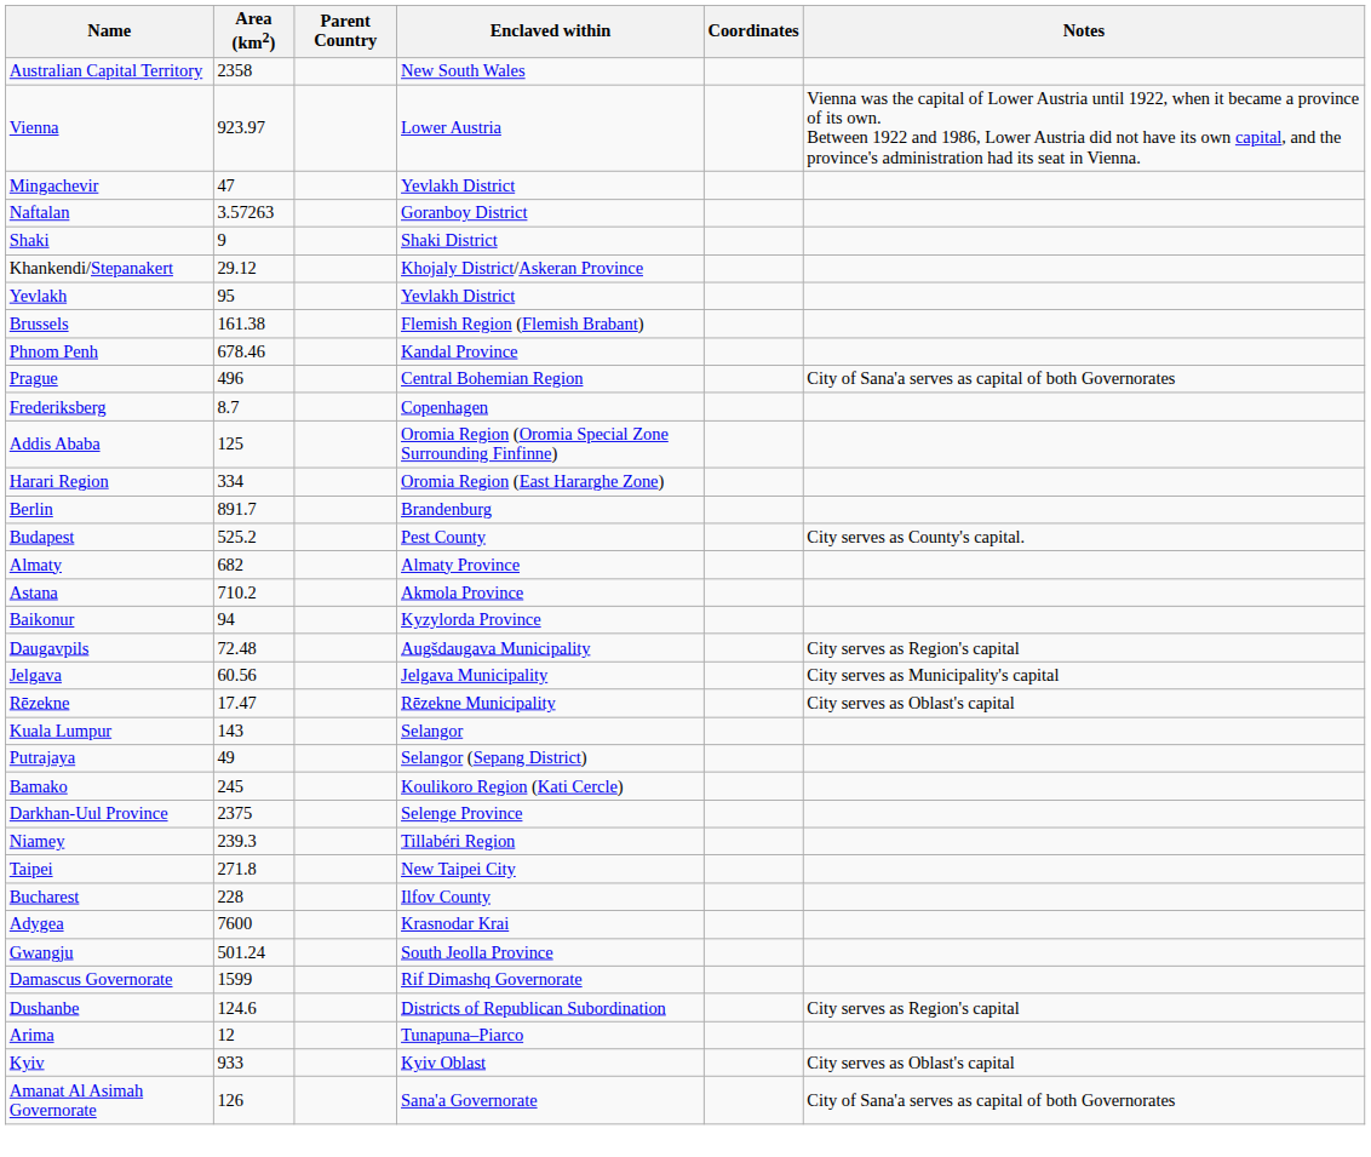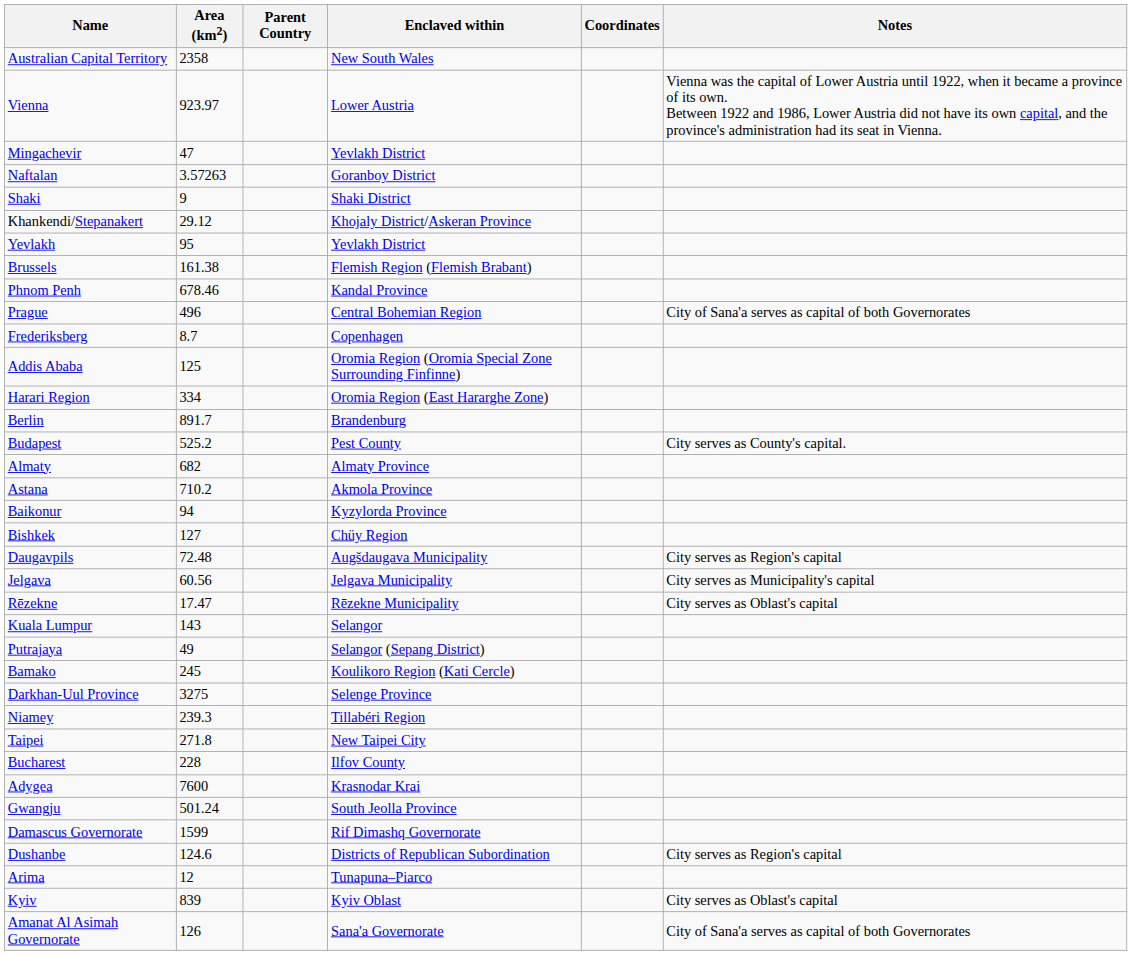 <table class="wikitable sortable" style="text-align:left; border:1px; cellpadding:5; cellspacing:0;">
 <tr>
 <th>Name</th>
 <th>Area (km<sup>2</sup>)</th>
 <th>Parent Country</th>
 <th>Enclaved within</th>
 <th>Coordinates</th>
 <th>Notes</th>
 </tr>
 <tr>
 <td><a href='#'>Australian Capital Territory</a></td>
 <td>2358</td>
 <td></td>
 <td><a href='#'>New South Wales</a></td>
 <td></td>
 <td></td>
 </tr>
 <tr>
 <td><a href='#'>Vienna</a></td>
 <td>923.97</td>
 <td></td>
 <td><a href='#'>Lower Austria</a></td>
 <td></td>
 <td>Vienna was the capital of Lower Austria until 1922, when it became a province of its own.<br>Between 1922 and 1986, Lower Austria did not have its own <a href='#'>capital</a>, and the province's administration had its seat in Vienna.</td>
 </tr>
 <tr>
 <td><a href='#'>Mingachevir</a></td>
 <td>47</td>
 <td></td>
 <td><a href='#'>Yevlakh District</a></td>
 <td></td>
 <td></td>
 </tr>
 <tr>
 <td><a href='#'>Naftalan</a></td>
 <td>3.57263</td>
 <td></td>
 <td><a href='#'>Goranboy District</a></td>
 <td></td>
 <td></td>
 </tr>
 <tr>
 <td><a href='#'>Shaki</a></td>
 <td>9</td>
 <td></td>
 <td><a href='#'>Shaki District</a></td>
 <td></td>
 <td></td>
 </tr>
 <tr>
 <td>Khankendi/<a href='#'>Stepanakert</a></td>
 <td>29.12</td>
 <td></td>
 <td><a href='#'>Khojaly District</a>/<a href='#'>Askeran Province</a></td>
 <td></td>
 <td></td>
 </tr>
 <tr>
 <td><a href='#'>Yevlakh</a></td>
 <td>95</td>
 <td></td>
 <td><a href='#'>Yevlakh District</a></td>
 <td></td>
 <td></td>
 </tr>
 <tr>
 <td><a href='#'>Brussels</a></td>
 <td>161.38</td>
 <td></td>
 <td><a href='#'>Flemish Region</a> (<a href='#'>Flemish Brabant</a>)</td>
 <td></td>
 <td></td>
 </tr>
 <tr>
 <td><a href='#'>Phnom Penh</a></td>
 <td>678.46</td>
 <td></td>
 <td><a href='#'>Kandal Province</a></td>
 <td></td>
 <td></td>
 </tr>
 <tr>
 <td><a href='#'>Prague</a></td>
 <td>496</td>
 <td></td>
 <td><a href='#'>Central Bohemian Region</a></td>
 <td></td>
 <td>City of Sana'a serves as capital of both Governorates</td>
 </tr>
 <tr>
 <td><a href='#'>Frederiksberg</a></td>
 <td>8.7</td>
 <td></td>
 <td><a href='#'>Copenhagen</a></td>
 <td></td>
 <td></td>
 </tr>
 <tr>
 <td><a href='#'>Addis Ababa</a></td>
 <td>125</td>
 <td></td>
 <td><a href='#'>Oromia Region</a> (<a href='#'>Oromia Special Zone Surrounding Finfinne</a>)</td>
 <td></td>
 <td></td>
 </tr>
 <tr>
 <td><a href='#'>Harari Region</a></td>
 <td>334</td>
 <td></td>
 <td><a href='#'>Oromia Region</a> (<a href='#'>East Hararghe Zone</a>)</td>
 <td></td>
 <td></td>
 </tr>
 <tr>
 <td><a href='#'>Berlin</a></td>
 <td>891.7</td>
 <td></td>
 <td><a href='#'>Brandenburg</a></td>
 <td></td>
 <td></td>
 </tr>
 <tr>
 <td><a href='#'>Budapest</a></td>
 <td>525.2</td>
 <td></td>
 <td><a href='#'>Pest County</a></td>
 <td></td>
 <td>City serves as County's capital.</td>
 </tr>
 <tr>
 <td><a href='#'>Almaty</a></td>
 <td>682</td>
 <td></td>
 <td><a href='#'>Almaty Province</a></td>
 <td></td>
 <td></td>
 </tr>
 <tr>
 <td><a href='#'>Astana</a></td>
 <td>710.2</td>
 <td></td>
 <td><a href='#'>Akmola Province</a></td>
 <td></td>
 <td></td>
 </tr>
 <tr>
 <td><a href='#'>Baikonur</a></td>
 <td>94</td>
 <td></td>
 <td><a href='#'>Kyzylorda Province</a></td>
 <td></td>
 <td></td>
 </tr>
 <tr>
+<td><a href='#'>Bishkek</a></td>
+<td>127</td>
+<td></td>
+<td><a href='#'>Chüy Region</a></td>
+<td></td>
+<td></td>
+</tr>
+<tr>
 <td><a href='#'>Daugavpils</a></td>
 <td>72.48</td>
 <td></td>
 <td><a href='#'>Augšdaugava Municipality</a></td>
 <td></td>
 <td>City serves as Region's capital</td>
 </tr>
 <tr>
 <td><a href='#'>Jelgava</a></td>
 <td>60.56</td>
 <td></td>
 <td><a href='#'>Jelgava Municipality</a></td>
 <td></td>
 <td>City serves as Municipality's capital</td>
 </tr>
 <tr>
 <td><a href='#'>Rēzekne</a></td>
 <td>17.47</td>
 <td></td>
 <td><a href='#'>Rēzekne Municipality</a></td>
 <td></td>
 <td>City serves as Oblast's capital</td>
 </tr>
 <tr>
 <td><a href='#'>Kuala Lumpur</a></td>
 <td>143</td>
 <td></td>
 <td><a href='#'>Selangor</a></td>
 <td></td>
 <td></td>
 </tr>
 <tr>
 <td><a href='#'>Putrajaya</a></td>
 <td>49</td>
 <td></td>
 <td><a href='#'>Selangor</a> (<a href='#'>Sepang District</a>)</td>
 <td></td>
 <td></td>
 </tr>
 <tr>
 <td><a href='#'>Bamako</a></td>
 <td>245</td>
 <td></td>
 <td><a href='#'>Koulikoro Region</a> (<a href='#'>Kati Cercle</a>)</td>
 <td></td>
 <td></td>
 </tr>
 <tr>
 <td><a href='#'>Darkhan-Uul Province</a></td>
-<td>2375</td>
+<td>3275</td>
 <td></td>
 <td><a href='#'>Selenge Province</a></td>
 <td></td>
 <td></td>
 </tr>
 <tr>
 <td><a href='#'>Niamey</a></td>
 <td>239.3</td>
 <td></td>
 <td><a href='#'>Tillabéri Region</a></td>
 <td></td>
 <td></td>
 </tr>
 <tr>
 <td><a href='#'>Taipei</a></td>
 <td>271.8</td>
 <td></td>
 <td><a href='#'>New Taipei City</a></td>
 <td></td>
 <td></td>
 </tr>
 <tr>
 <td><a href='#'>Bucharest</a></td>
 <td>228</td>
 <td></td>
 <td><a href='#'>Ilfov County</a></td>
 <td></td>
 <td></td>
 </tr>
 <tr>
 <td><a href='#'>Adygea</a></td>
 <td>7600</td>
 <td></td>
 <td><a href='#'>Krasnodar Krai</a></td>
 <td></td>
 <td></td>
 </tr>
 <tr>
 <td><a href='#'>Gwangju</a></td>
 <td>501.24</td>
 <td></td>
 <td><a href='#'>South Jeolla Province</a></td>
 <td></td>
 <td></td>
 </tr>
 <tr>
 <td><a href='#'>Damascus Governorate</a></td>
 <td>1599</td>
 <td></td>
 <td><a href='#'>Rif Dimashq Governorate</a></td>
 <td></td>
 <td></td>
 </tr>
 <tr>
 <td><a href='#'>Dushanbe</a></td>
 <td>124.6</td>
 <td></td>
 <td><a href='#'>Districts of Republican Subordination</a></td>
 <td></td>
 <td>City serves as Region's capital</td>
 </tr>
 <tr>
 <td><a href='#'>Arima</a></td>
 <td>12</td>
 <td></td>
 <td><a href='#'>Tunapuna–Piarco</a></td>
 <td></td>
 <td></td>
 </tr>
 <tr>
 <td><a href='#'>Kyiv</a></td>
-<td>933</td>
+<td>839</td>
 <td></td>
 <td><a href='#'>Kyiv Oblast</a></td>
 <td></td>
 <td>City serves as Oblast's capital</td>
 </tr>
 <tr>
 <td><a href='#'>Amanat Al Asimah Governorate</a></td>
 <td>126</td>
 <td></td>
 <td><a href='#'>Sana'a Governorate</a></td>
 <td></td>
 <td>City of Sana'a serves as capital of both Governorates</td>
 </tr>
 </table>
